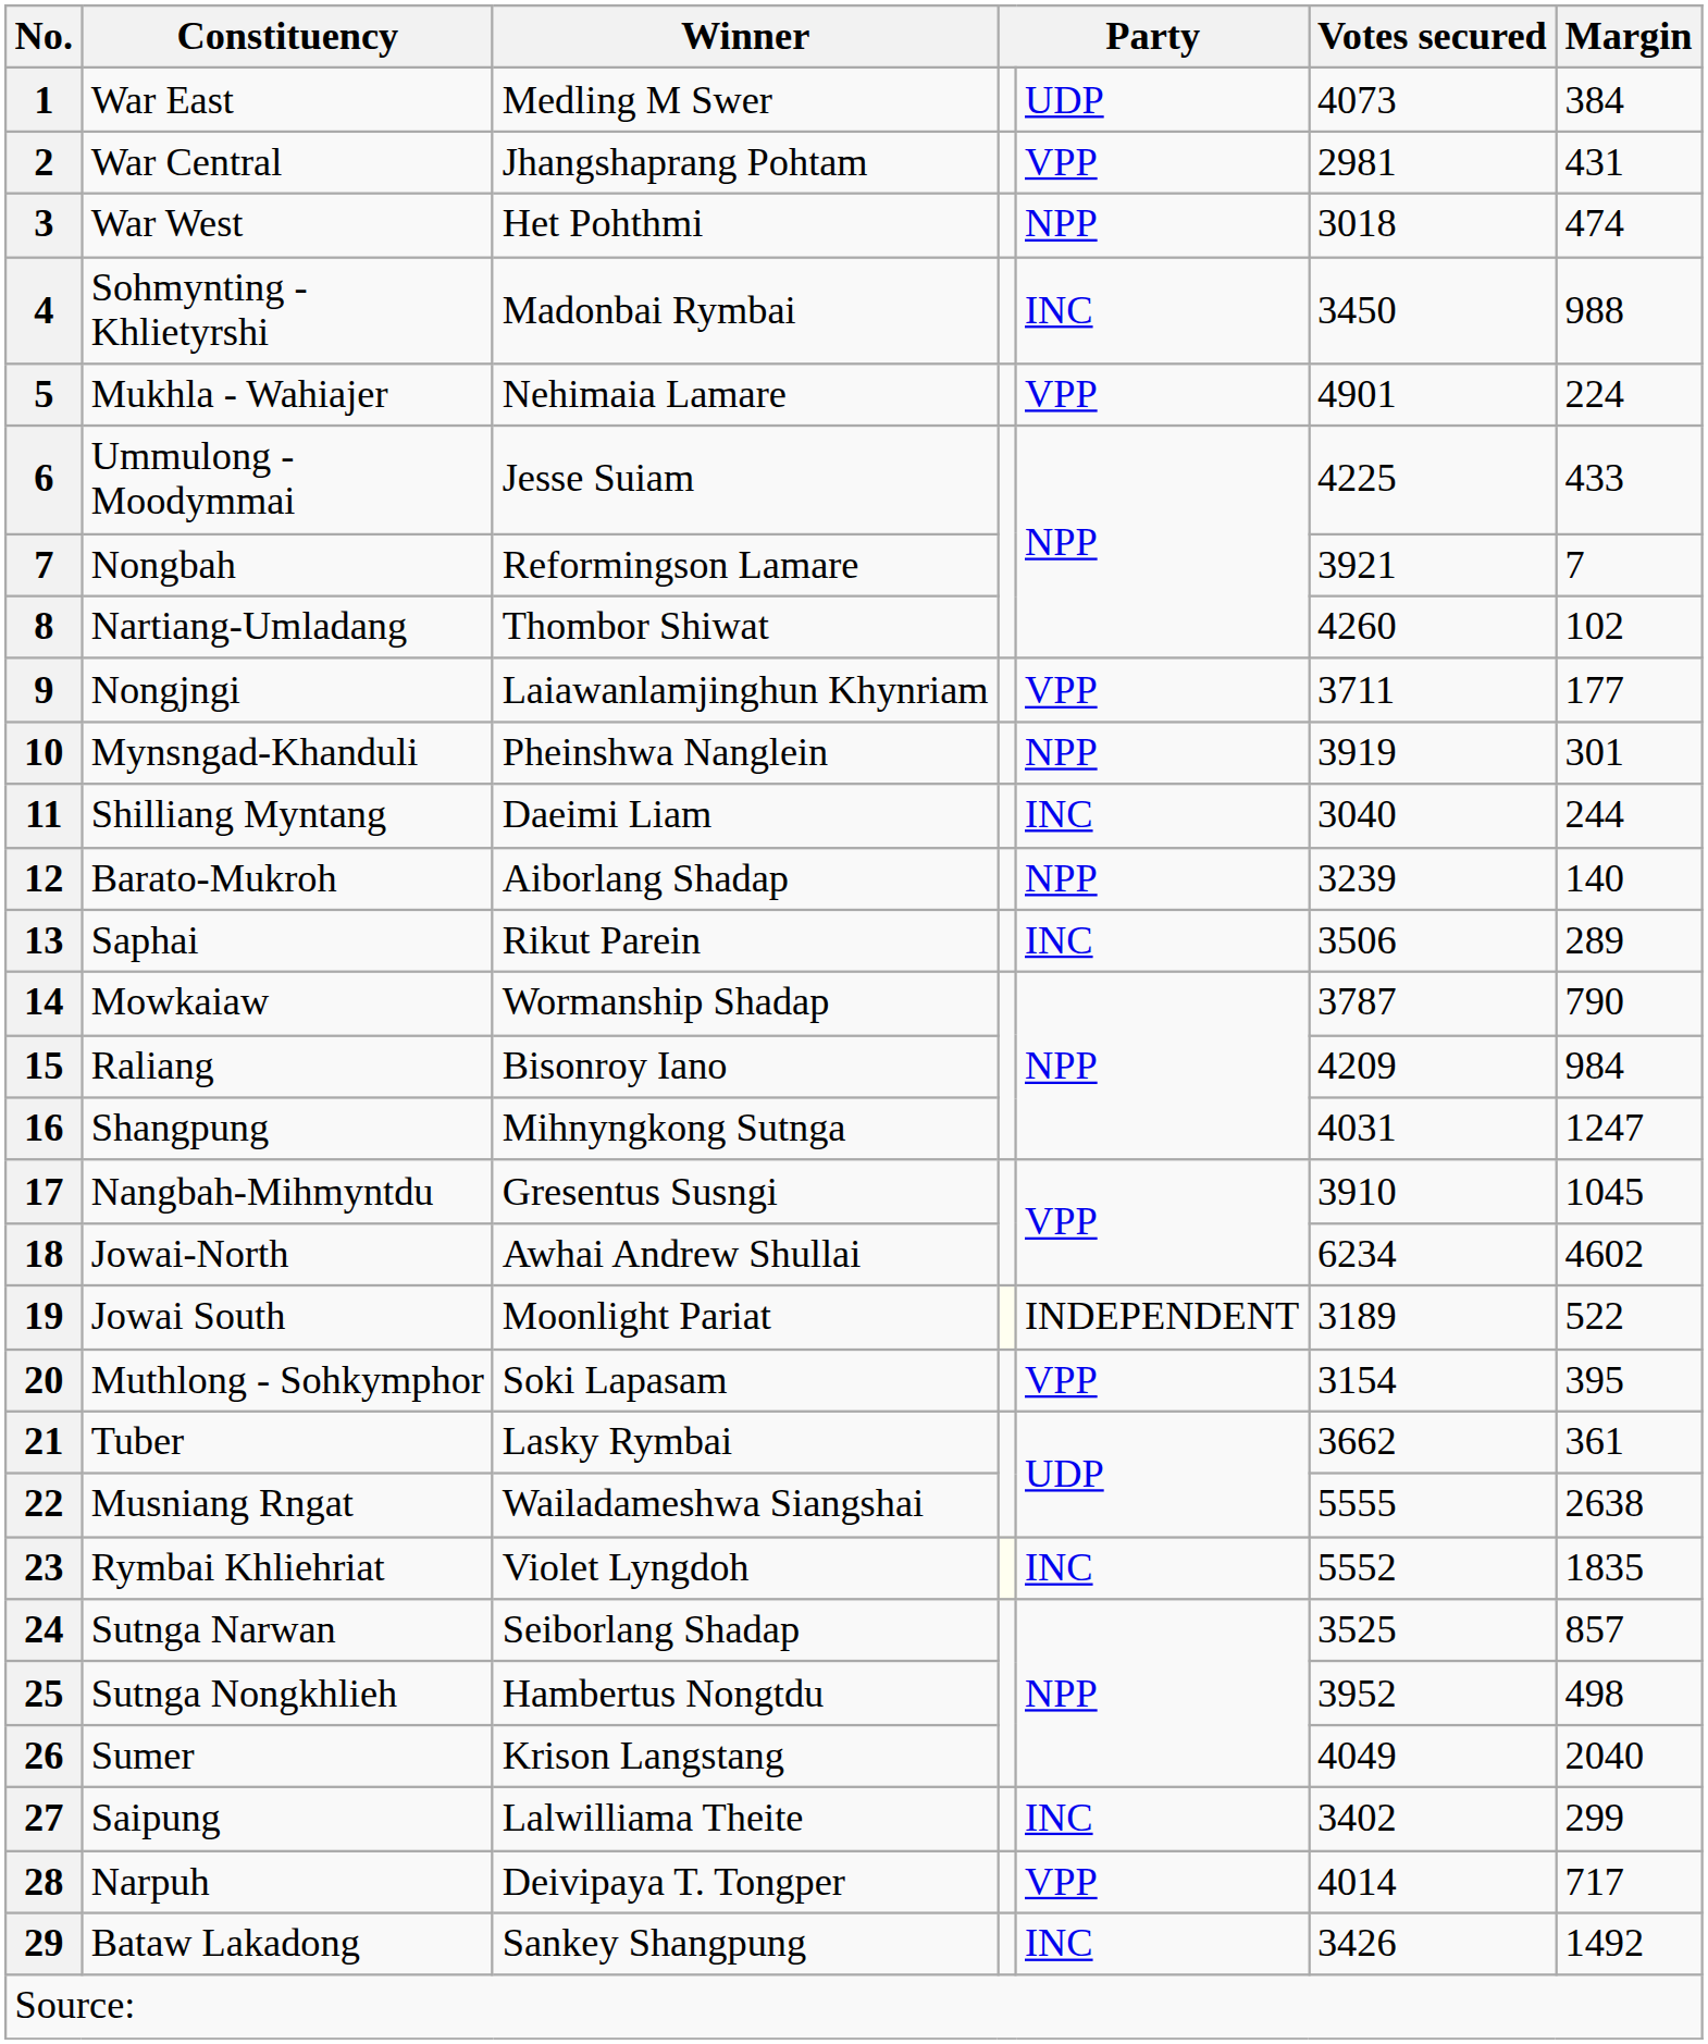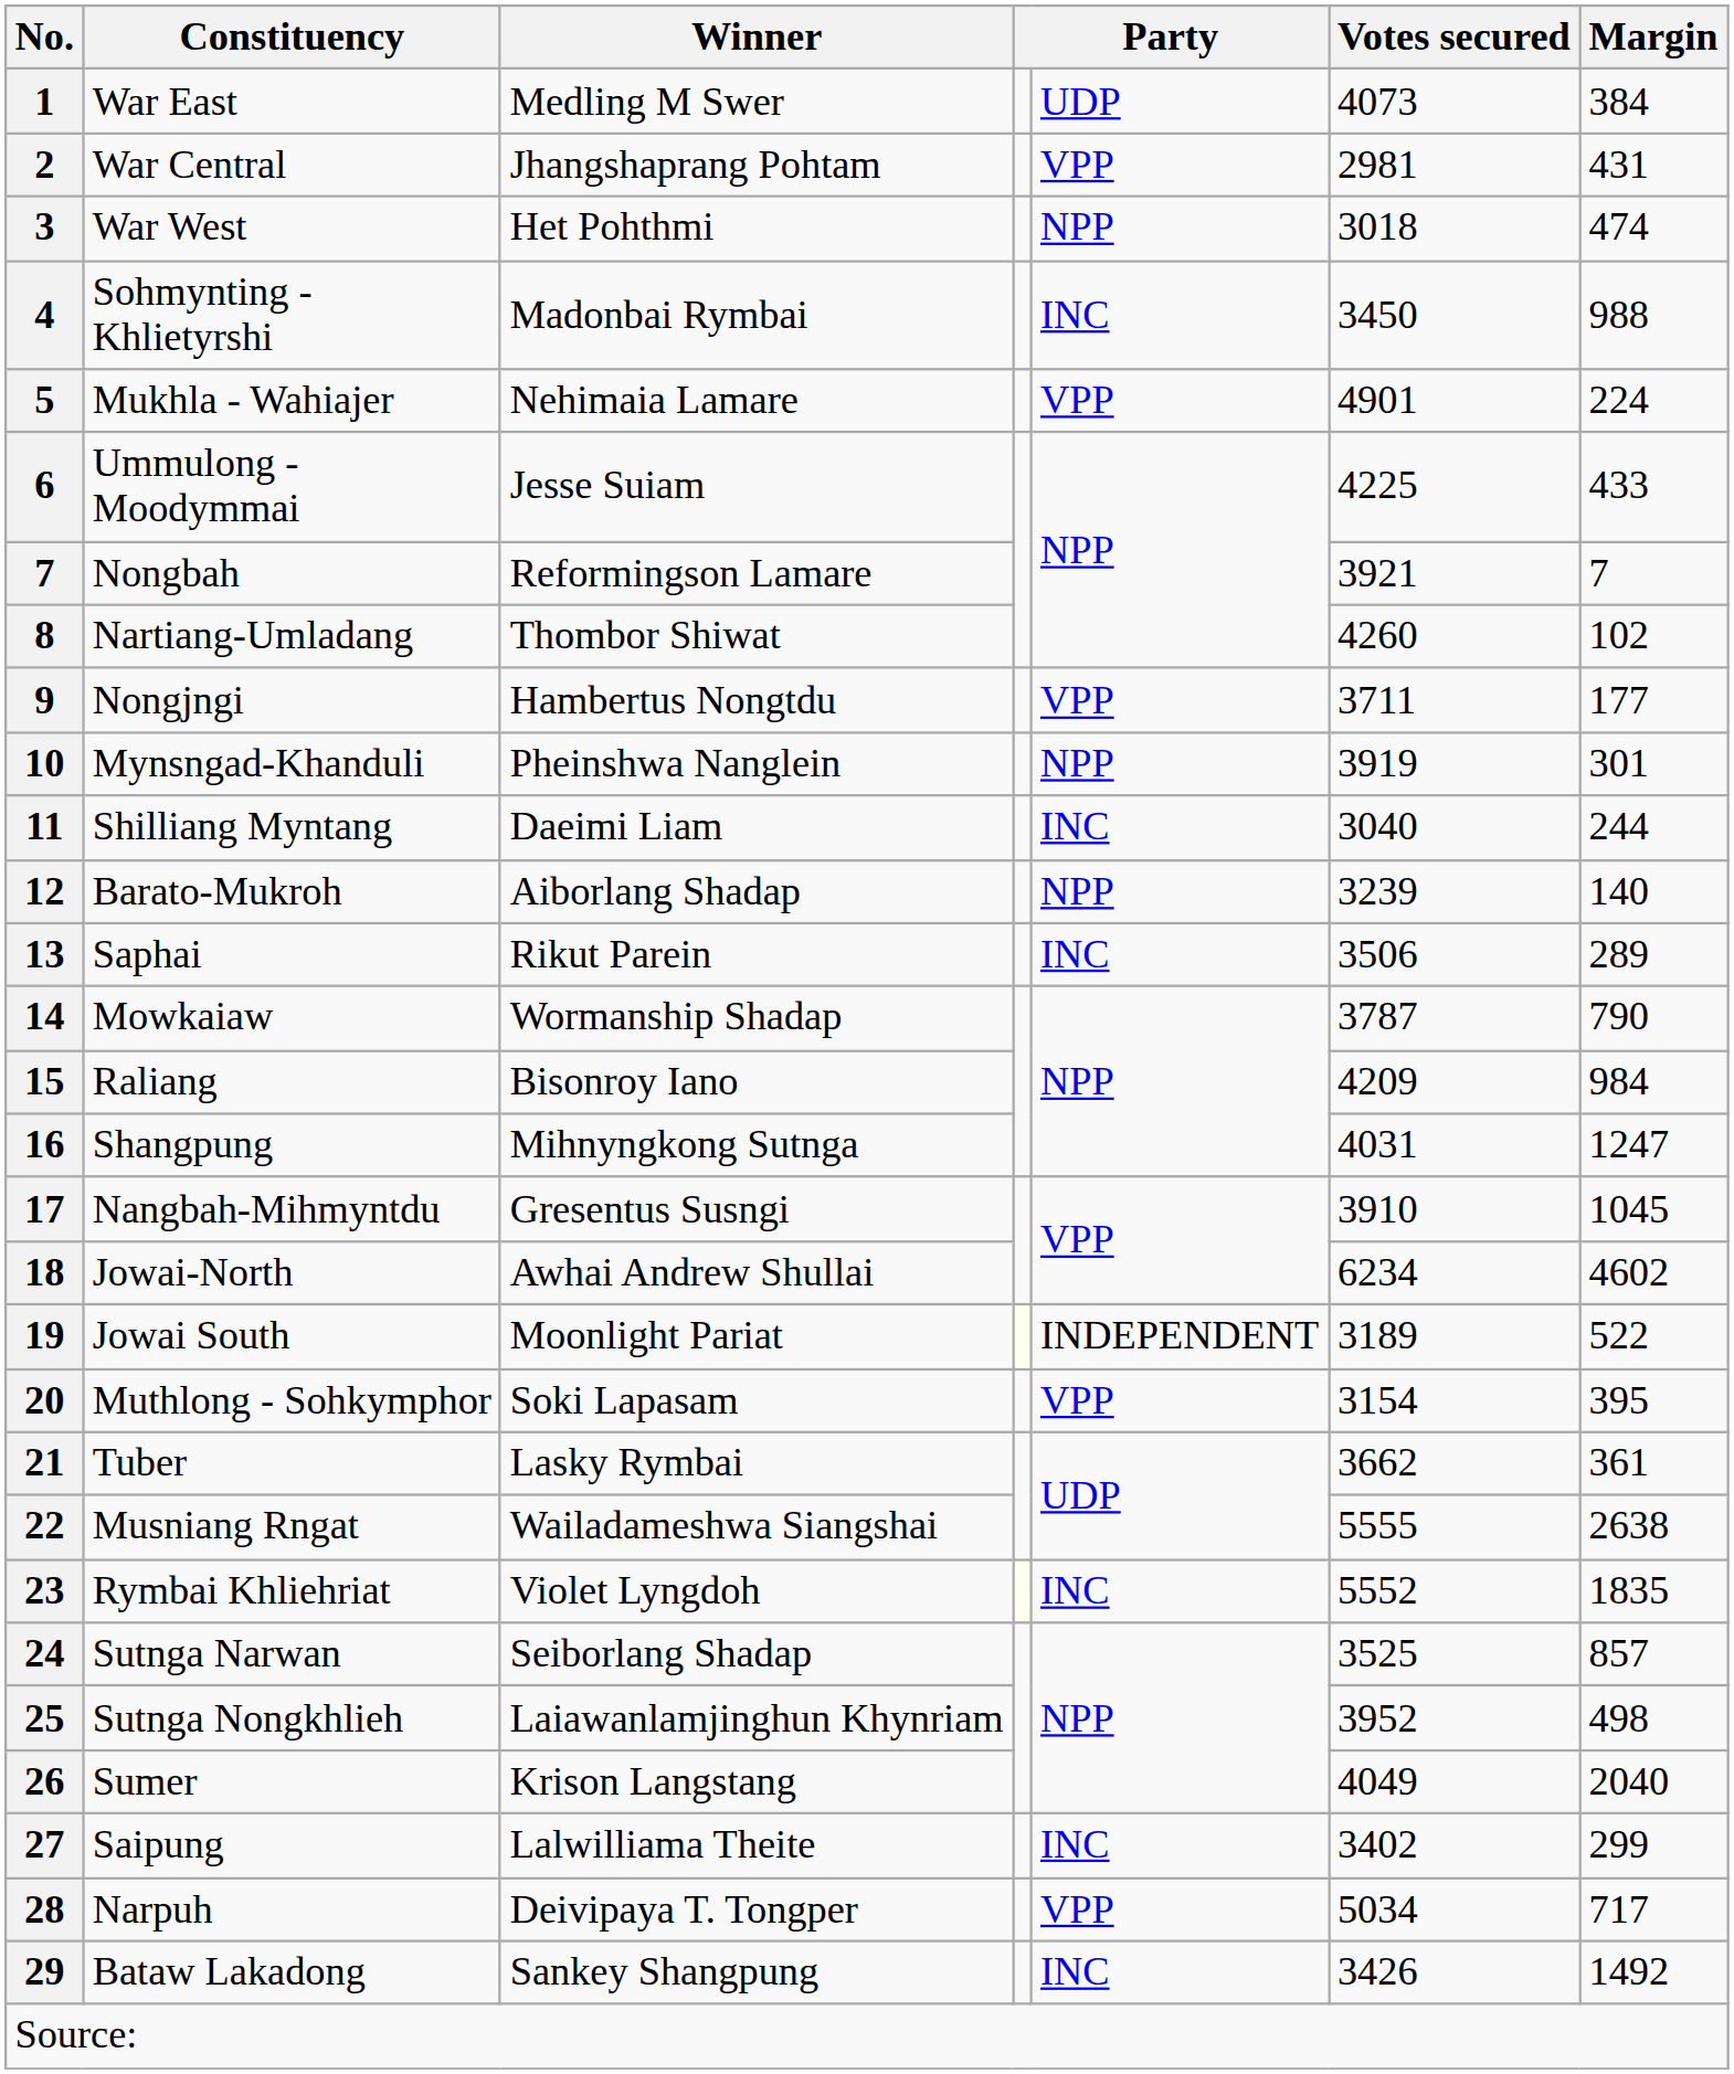 <table class="wikitable sortable">
 <tr>
 <th>No.</th>
 <th>Constituency</th>
 <th>Winner</th>
 <th colspan="2">Party</th>
 <th>Votes secured</th>
 <th>Margin</th>
 </tr>
 <tr>
 <th>1</th>
 <td>War East</td>
 <td>Medling M Swer</td>
 <td style="background-color:"></td>
 <td><a href='#'>UDP</a></td>
 <td>4073</td>
 <td>384</td>
 </tr>
 <tr>
 <th>2</th>
 <td>War Central</td>
 <td>Jhangshaprang Pohtam</td>
 <td style="background-color:"></td>
 <td><a href='#'>VPP</a></td>
 <td>2981</td>
 <td>431</td>
 </tr>
 <tr>
 <th>3</th>
 <td>War West</td>
 <td>Het Pohthmi</td>
 <td style="background-color:"></td>
 <td><a href='#'>NPP</a></td>
 <td>3018</td>
 <td>474</td>
 </tr>
 <tr>
 <th>4</th>
 <td>Sohmynting -<br>Khlietyrshi</td>
 <td>Madonbai Rymbai</td>
 <td style="background-color:"></td>
 <td><a href='#'>INC</a></td>
 <td>3450</td>
 <td>988</td>
 </tr>
 <tr>
 <th>5</th>
 <td>Mukhla - Wahiajer</td>
 <td>Nehimaia Lamare</td>
 <td style="background-color:"></td>
 <td><a href='#'>VPP</a></td>
 <td>4901</td>
 <td>224</td>
 </tr>
 <tr>
 <th>6</th>
 <td>Ummulong -<br>Moodymmai</td>
 <td>Jesse Suiam</td>
 <td rowspan=3 style="background-color:"></td>
 <td rowspan= 3><a href='#'>NPP</a></td>
 <td>4225</td>
 <td>433</td>
 </tr>
 <tr>
 <th>7</th>
 <td>Nongbah</td>
 <td>Reformingson Lamare</td>
 <td>3921</td>
 <td>7</td>
 </tr>
 <tr>
 <th>8</th>
 <td>Nartiang-Umladang</td>
 <td>Thombor Shiwat</td>
 <td>4260</td>
 <td>102</td>
 </tr>
 <tr>
 <th>9</th>
 <td>Nongjngi</td>
-<td>Laiawanlamjinghun Khynriam</td>
+<td>Hambertus Nongtdu</td>
 <td style="background-color:"></td>
 <td><a href='#'>VPP</a></td>
 <td>3711</td>
 <td>177</td>
 </tr>
 <tr>
 <th>10</th>
 <td>Mynsngad-Khanduli</td>
 <td>Pheinshwa Nanglein</td>
 <td style="background-color:"></td>
 <td><a href='#'>NPP</a></td>
 <td>3919</td>
 <td>301</td>
 </tr>
 <tr>
 <th>11</th>
 <td>Shilliang Myntang</td>
 <td>Daeimi Liam</td>
 <td style="background-color:"></td>
 <td><a href='#'>INC</a></td>
 <td>3040</td>
 <td>244</td>
 </tr>
 <tr>
 <th>12</th>
 <td>Barato-Mukroh</td>
 <td>Aiborlang Shadap</td>
 <td style="background-color:"></td>
 <td><a href='#'>NPP</a></td>
 <td>3239</td>
 <td>140</td>
 </tr>
 <tr>
 <th>13</th>
 <td>Saphai</td>
 <td>Rikut Parein</td>
 <td style="background-color:"></td>
 <td><a href='#'>INC</a></td>
 <td>3506</td>
 <td>289</td>
 </tr>
 <tr>
 <th>14</th>
 <td>Mowkaiaw</td>
 <td>Wormanship Shadap</td>
 <td rowspan=3 style="background-color:"></td>
 <td rowspan=3><a href='#'>NPP</a></td>
 <td>3787</td>
 <td>790</td>
 </tr>
 <tr>
 <th>15</th>
 <td>Raliang</td>
 <td>Bisonroy Iano</td>
 <td>4209</td>
 <td>984</td>
 </tr>
 <tr>
 <th>16</th>
 <td>Shangpung</td>
 <td>Mihnyngkong Sutnga</td>
 <td>4031</td>
 <td>1247</td>
 </tr>
 <tr>
 <th>17</th>
 <td>Nangbah-Mihmyntdu</td>
 <td>Gresentus Susngi</td>
 <td rowspan=2 style="background-color:"></td>
 <td rowspan=2><a href='#'>VPP</a></td>
 <td>3910</td>
 <td>1045</td>
 </tr>
 <tr>
 <th>18</th>
 <td>Jowai-North</td>
 <td>Awhai Andrew Shullai</td>
 <td>6234</td>
 <td>4602</td>
 </tr>
 <tr>
 <th>19</th>
 <td>Jowai South</td>
 <td>Moonlight Pariat</td>
 <td bgcolor=#FFFFF></td>
 <td>INDEPENDENT</td>
 <td>3189</td>
 <td>522</td>
 </tr>
 <tr>
 <th>20</th>
 <td>Muthlong - Sohkymphor</td>
 <td>Soki Lapasam</td>
 <td style="background-color:"></td>
 <td><a href='#'>VPP</a></td>
 <td>3154</td>
 <td>395</td>
 </tr>
 <tr>
 <th>21</th>
 <td>Tuber</td>
 <td>Lasky Rymbai</td>
 <td rowspan=2 style="background-color:"></td>
 <td rowspan=2><a href='#'>UDP</a></td>
 <td>3662</td>
 <td>361</td>
 </tr>
 <tr>
 <th>22</th>
 <td>Musniang Rngat</td>
 <td>Wailadameshwa Siangshai</td>
 <td>5555</td>
 <td>2638</td>
 </tr>
 <tr>
 <th>23</th>
 <td>Rymbai Khliehriat</td>
 <td>Violet Lyngdoh</td>
 <td bgcolor=#FFFFF></td>
 <td><a href='#'>INC</a></td>
 <td>5552</td>
 <td>1835</td>
 </tr>
 <tr>
 <th>24</th>
 <td>Sutnga Narwan</td>
 <td>Seiborlang Shadap</td>
 <td rowspan=3 style="background-color:"></td>
 <td rowspan=3><a href='#'>NPP</a></td>
 <td>3525</td>
 <td>857</td>
 </tr>
 <tr>
 <th>25</th>
 <td>Sutnga Nongkhlieh</td>
-<td>Hambertus Nongtdu</td>
+<td>Laiawanlamjinghun Khynriam</td>
 <td>3952</td>
 <td>498</td>
 </tr>
 <tr>
 <th>26</th>
 <td>Sumer</td>
 <td>Krison Langstang</td>
 <td>4049</td>
 <td>2040</td>
 </tr>
 <tr>
 <th>27</th>
 <td>Saipung</td>
 <td>Lalwilliama Theite</td>
 <td style="background-color:"></td>
 <td><a href='#'>INC</a></td>
 <td>3402</td>
 <td>299</td>
 </tr>
 <tr>
 <th>28</th>
 <td>Narpuh</td>
 <td>Deivipaya T. Tongper</td>
 <td style="background-color:"></td>
 <td><a href='#'>VPP</a></td>
-<td>4014</td>
+<td>5034</td>
 <td>717</td>
 </tr>
 <tr>
 <th>29</th>
 <td>Bataw Lakadong</td>
 <td>Sankey Shangpung</td>
 <td style="background-color:"></td>
 <td><a href='#'>INC</a></td>
 <td>3426</td>
 <td>1492</td>
 </tr>
 <tr>
 <td Colspan=7>Source: </td>
 </tr>
 </table>
